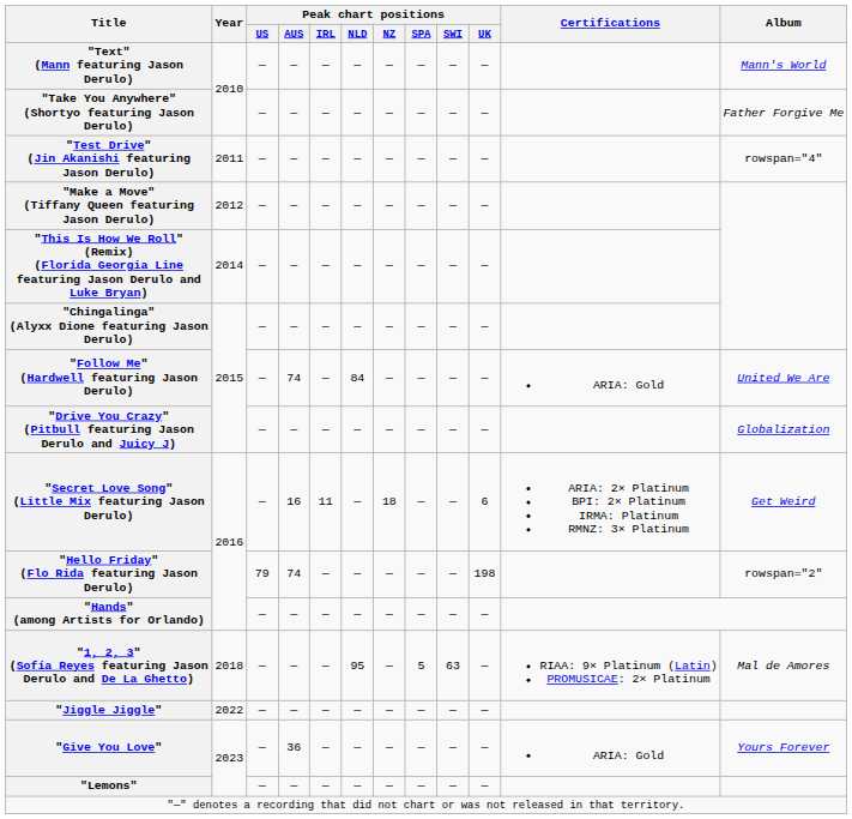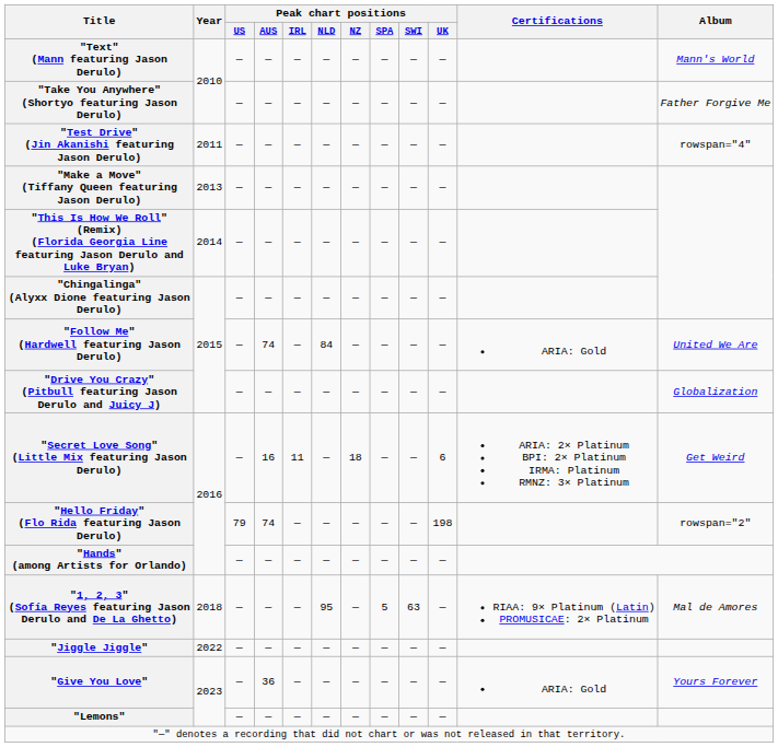 <table class="wikitable plainrowheaders" style="text-align:center;">
 <tr>
 <th scope="col" rowspan="2" style="width:17em;">Title</th>
 <th scope="col" rowspan="2" style="width:1em;">Year</th>
 <th scope="col" colspan="8">Peak chart positions</th>
 <th scope="col" rowspan="2"><a href='#'>Certifications</a></th>
 <th scope="col" rowspan="2">Album</th>
 </tr>
 <tr>
 <th scope="col" style="width:2.5em;font-size:90%;"><a href='#'>US</a><br></th>
 <th scope="col" style="width:2.5em;font-size:90%;"><a href='#'>AUS</a><br></th>
 <th scope="col" style="width:2.5em;font-size:90%;"><a href='#'>IRL</a><br></th>
 <th scope="col" style="width:2.5em;font-size:90%;"><a href='#'>NLD</a><br></th>
 <th scope="col" style="width:2.5em;font-size:90%;"><a href='#'>NZ</a><br></th>
 <th scope="col" style="width:2.5em;font-size:90%;"><a href='#'>SPA</a><br></th>
 <th scope="col" style="width:2.5em;font-size:90%;"><a href='#'>SWI</a><br></th>
 <th scope="col" style="width:2.5em;font-size:90%;"><a href='#'>UK</a><br></th>
 </tr>
 <tr>
 <th scope="row">"Text"<br><span>(<a href='#'>Mann</a> featuring Jason Derulo)</span></th>
 <td rowspan="2">2010</td>
 <td>—</td>
 <td>—</td>
 <td>—</td>
 <td>—</td>
 <td>—</td>
 <td>—</td>
 <td>—</td>
 <td>—</td>
 <td></td>
 <td><em><a href='#'>Mann's World</a></em></td>
 </tr>
 <tr>
 <th scope="row">"Take You Anywhere"<br><span>(Shortyo featuring Jason Derulo)</span></th>
 <td>—</td>
 <td>—</td>
 <td>—</td>
 <td>—</td>
 <td>—</td>
 <td>—</td>
 <td>—</td>
 <td>—</td>
 <td></td>
 <td><em>Father Forgive Me</em></td>
 </tr>
 <tr>
 <th scope="row">"<a href='#'>Test Drive</a>"<br><span>(<a href='#'>Jin Akanishi</a> featuring Jason Derulo)</span></th>
 <td>2011</td>
 <td>—</td>
 <td>—</td>
 <td>—</td>
 <td>—</td>
 <td>—</td>
 <td>—</td>
 <td>—</td>
 <td>—</td>
 <td></td>
 <td>rowspan="4" </td>
 </tr>
 <tr>
 <th scope="row">"Make a Move"<br><span>(Tiffany Queen featuring Jason Derulo)</span></th>
-<td>2012</td>
+<td>2013</td>
 <td>—</td>
 <td>—</td>
 <td>—</td>
 <td>—</td>
 <td>—</td>
 <td>—</td>
 <td>—</td>
 <td>—</td>
 <td></td>
 </tr>
 <tr>
 <th scope="row">"<a href='#'>This Is How We Roll</a>" (Remix)<br><span>(<a href='#'>Florida Georgia Line</a> featuring Jason Derulo and <a href='#'>Luke Bryan</a>)</span></th>
 <td>2014</td>
 <td>—</td>
 <td>—</td>
 <td>—</td>
 <td>—</td>
 <td>—</td>
 <td>—</td>
 <td>—</td>
 <td>—</td>
 <td></td>
 </tr>
 <tr>
 <th scope="row">"Chingalinga" <br><span>(Alyxx Dione featuring Jason Derulo)</span></th>
 <td rowspan="3">2015</td>
 <td>—</td>
 <td>—</td>
 <td>—</td>
 <td>—</td>
 <td>—</td>
 <td>—</td>
 <td>—</td>
 <td>—</td>
 <td></td>
 </tr>
 <tr>
 <th scope="row">"<a href='#'>Follow Me</a>"<br><span>(<a href='#'>Hardwell</a> featuring Jason Derulo)</span></th>
 <td>—</td>
 <td>74</td>
 <td>—</td>
 <td>84</td>
 <td>—</td>
 <td>—</td>
 <td>—</td>
 <td>—</td>
 <td><br><ul><li>ARIA: Gold</li></ul></td>
 <td><em><a href='#'>United We Are</a></em></td>
 </tr>
 <tr>
 <th scope="row">"<a href='#'>Drive You Crazy</a>"<br><span>(<a href='#'>Pitbull</a> featuring Jason Derulo and <a href='#'>Juicy J</a>)</span></th>
 <td>—</td>
 <td>—</td>
 <td>—</td>
 <td>—</td>
 <td>—</td>
 <td>—</td>
 <td>—</td>
 <td>—</td>
 <td></td>
 <td><em><a href='#'>Globalization</a></em></td>
 </tr>
 <tr>
 <th scope="row">"<a href='#'>Secret Love Song</a>"<br><span>(<a href='#'>Little Mix</a> featuring Jason Derulo)</span></th>
 <td rowspan="3">2016</td>
 <td>—</td>
 <td>16</td>
 <td>11</td>
 <td>—</td>
 <td>18</td>
 <td>—</td>
 <td>—</td>
 <td>6</td>
 <td><br><ul><li>ARIA: 2× Platinum</li><li>BPI: 2× Platinum</li><li>IRMA: Platinum</li><li>RMNZ: 3× Platinum</li></ul></td>
 <td><em><a href='#'>Get Weird</a></em></td>
 </tr>
 <tr>
 <th scope="row">"<a href='#'>Hello Friday</a>"<br><span>(<a href='#'>Flo Rida</a> featuring Jason Derulo)</span></th>
 <td>79</td>
 <td>74</td>
 <td>—</td>
 <td>—</td>
 <td>—</td>
 <td>—</td>
 <td>—</td>
 <td>198<br></td>
 <td></td>
 <td>rowspan="2" </td>
 </tr>
 <tr>
 <th scope="row">"<a href='#'>Hands</a>"<br><span>(among Artists for Orlando)</span></th>
 <td —>—</td>
 <td>—</td>
 <td>—</td>
 <td>—</td>
 <td>—</td>
 <td>—</td>
 <td>—</td>
 <td>—</td>
 </tr>
 <tr>
 <th scope="row">"<a href='#'>1, 2, 3</a>"<br><span>(<a href='#'>Sofía Reyes</a> featuring Jason Derulo and <a href='#'>De La Ghetto</a>)</span></th>
 <td>2018</td>
 <td>—</td>
 <td>—</td>
 <td>—</td>
 <td>95</td>
 <td>—</td>
 <td>5</td>
 <td>63</td>
 <td>—</td>
 <td><br><ul><li>RIAA: 9× Platinum (<a href='#'>Latin</a>)</li><li><a href='#'>PROMUSICAE</a>: 2× Platinum</li></ul></td>
 <td rowspan="1"><em>Mal de Amores</em></td>
 </tr>
 <tr>
 <th scope="row">"<a href='#'>Jiggle Jiggle</a>"<br></th>
 <td>2022</td>
 <td>—</td>
 <td>—</td>
 <td>—</td>
 <td>—</td>
 <td>—</td>
 <td>—</td>
 <td>—</td>
 <td>—</td>
 <td></td>
 <td></td>
 </tr>
 <tr>
 <th scope="row">"<a href='#'>Give You Love</a>"<br></th>
 <td rowspan="2">2023</td>
 <td>—</td>
 <td>36</td>
 <td>—</td>
 <td>—</td>
 <td>—</td>
 <td>—</td>
 <td>—</td>
 <td>—</td>
 <td><br><ul><li>ARIA: Gold</li></ul></td>
 <td><em><a href='#'>Yours Forever</a></em></td>
 </tr>
 <tr>
 <th scope="row">"Lemons"<br></th>
 <td>—</td>
 <td>—</td>
 <td>—</td>
 <td>—</td>
 <td>—</td>
 <td>—</td>
 <td>—</td>
 <td>—</td>
 <td></td>
 <td></td>
 </tr>
 <tr>
 <td colspan="15" style="font-size:90%">"—" denotes a recording that did not chart or was not released in that territory.</td>
 </tr>
 </table>
